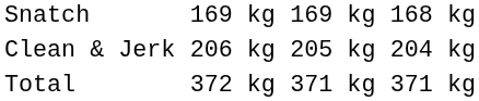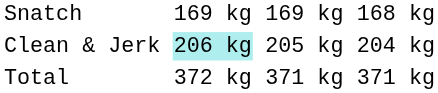 <table>
 <tr>
 <td>Snatch</td>
 <td></td>
 <td>169 kg</td>
 <td></td>
 <td>169 kg</td>
 <td></td>
 <td>168 kg</td>
 </tr>
 <tr>
 <td>Clean & Jerk</td>
 <td></td>
-<td>206 kg</td>
+<td style="background: paleturquoise;">206 kg</td>
 <td></td>
 <td>205 kg</td>
 <td></td>
 <td>204 kg</td>
 </tr>
 <tr>
 <td>Total</td>
 <td></td>
 <td>372 kg</td>
 <td></td>
 <td>371 kg</td>
 <td></td>
 <td>371 kg</td>
 </tr>
 </table>
